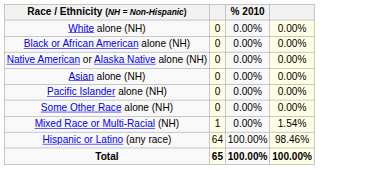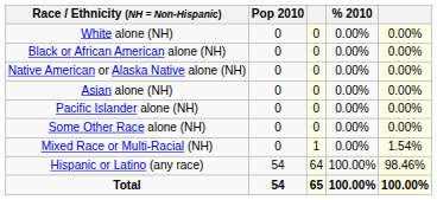 <table class="wikitable" style="text-align:center;">
 <tr>
 <th>Race / Ethnicity <small>(<em>NH = Non-Hispanic</em>)</small></th>
+<th>Pop 2010</th>
 <th></th>
 <th>% 2010</th>
 <th></th>
 </tr>
 <tr>
 <td><a href='#'>White</a> alone (NH)</td>
+<td>0</td>
 <td style='background: #ffffe6;'>0</td>
 <td>0.00%</td>
 <td style='background: #ffffe6;'>0.00%</td>
 </tr>
 <tr>
 <td><a href='#'>Black or African American</a> alone (NH)</td>
+<td>0</td>
 <td style='background: #ffffe6;'>0</td>
 <td>0.00%</td>
 <td style='background: #ffffe6;'>0.00%</td>
 </tr>
 <tr>
 <td><a href='#'>Native American</a> or <a href='#'>Alaska Native</a> alone (NH)</td>
+<td>0</td>
 <td style='background: #ffffe6;'>0</td>
 <td>0.00%</td>
 <td style='background: #ffffe6;'>0.00%</td>
 </tr>
 <tr>
 <td><a href='#'>Asian</a> alone (NH)</td>
+<td>0</td>
 <td style='background: #ffffe6;'>0</td>
 <td>0.00%</td>
 <td style='background: #ffffe6;'>0.00%</td>
 </tr>
 <tr>
 <td><a href='#'>Pacific Islander</a> alone (NH)</td>
+<td>0</td>
 <td style='background: #ffffe6;'>0</td>
 <td>0.00%</td>
 <td style='background: #ffffe6;'>0.00%</td>
 </tr>
 <tr>
 <td><a href='#'>Some Other Race</a> alone (NH)</td>
+<td>0</td>
 <td style='background: #ffffe6;'>0</td>
 <td>0.00%</td>
 <td style='background: #ffffe6;'>0.00%</td>
 </tr>
 <tr>
 <td><a href='#'>Mixed Race or Multi-Racial</a> (NH)</td>
+<td>0</td>
 <td style='background: #ffffe6;'>1</td>
 <td>0.00%</td>
 <td style='background: #ffffe6;'>1.54%</td>
 </tr>
 <tr>
 <td><a href='#'>Hispanic or Latino</a> (any race)</td>
+<td>54</td>
 <td style='background: #ffffe6;'>64</td>
 <td>100.00%</td>
 <td style='background: #ffffe6;'>98.46%</td>
 </tr>
 <tr>
 <td><strong>Total</strong></td>
+<td><strong>54</strong></td>
 <td style='background: #ffffe6;'><strong>65</strong></td>
 <td><strong>100.00%</strong></td>
 <td style='background: #ffffe6;'><strong>100.00%</strong></td>
 </tr>
 </table>
